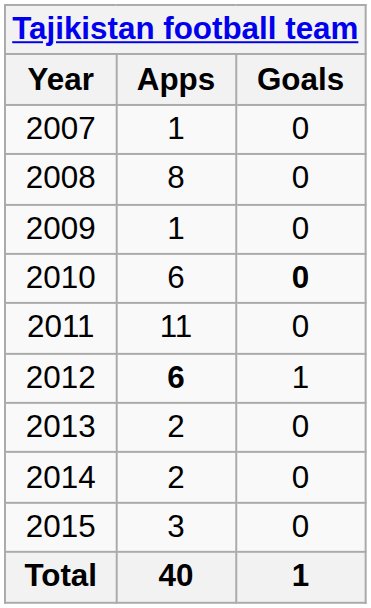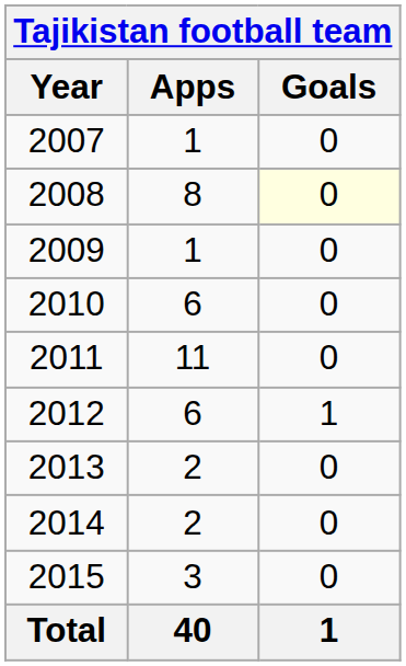 <table class="wikitable" style="text-align:center">
 <tr>
 <th colspan=3><a href='#'>Tajikistan football team</a></th>
 </tr>
 <tr>
 <th>Year</th>
 <th>Apps</th>
 <th>Goals</th>
 </tr>
 <tr>
 <td>2007</td>
 <td>1</td>
 <td>0</td>
 </tr>
 <tr>
 <td>2008</td>
 <td>8</td>
-<td>0</td>
+<td style="background: lightyellow;">0</td>
 </tr>
 <tr>
 <td>2009</td>
 <td>1</td>
 <td>0</td>
 </tr>
 <tr>
 <td>2010</td>
 <td>6</td>
-<td><strong>0</strong></td>
+<td>0</td>
 </tr>
 <tr>
 <td>2011</td>
 <td>11</td>
 <td>0</td>
 </tr>
 <tr>
 <td>2012</td>
-<td><strong>6</strong></td>
+<td>6</td>
 <td>1</td>
 </tr>
 <tr>
 <td>2013</td>
 <td>2</td>
 <td>0</td>
 </tr>
 <tr>
 <td>2014</td>
 <td>2</td>
 <td>0</td>
 </tr>
 <tr>
 <td>2015</td>
 <td>3</td>
 <td>0</td>
 </tr>
 <tr>
 <th>Total</th>
 <th>40</th>
 <th>1</th>
 </tr>
 </table>
